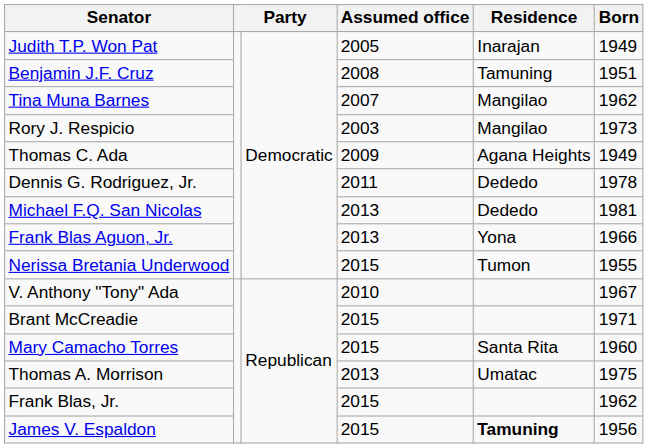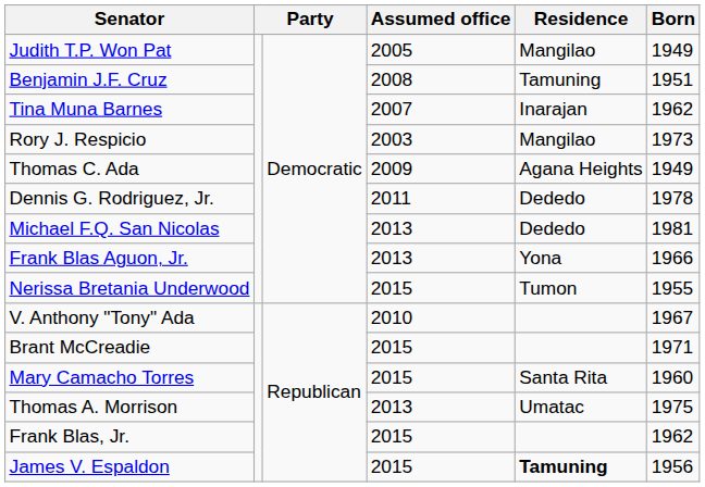 <table class="wikitable sortable" id="votingmembers">
 <tr style="vertical-align:bottom;">
 <th>Senator</th>
 <th colspan=2>Party</th>
 <th>Assumed office</th>
 <th>Residence</th>
 <th>Born</th>
 </tr>
 <tr>
 <td><a href='#'>Judith T.P. Won Pat</a></td>
 <td rowspan="9" style="background-color:"></td>
 <td rowspan="9">Democratic</td>
 <td>2005</td>
-<td>Inarajan</td>
+<td>Mangilao</td>
 <td>1949</td>
 </tr>
 <tr>
 <td><a href='#'>Benjamin J.F. Cruz</a></td>
 <td>2008</td>
 <td>Tamuning</td>
 <td>1951</td>
 </tr>
 <tr>
 <td><a href='#'>Tina Muna Barnes</a></td>
 <td>2007</td>
-<td>Mangilao</td>
+<td>Inarajan</td>
 <td>1962</td>
 </tr>
 <tr>
 <td>Rory J. Respicio</td>
 <td>2003</td>
 <td>Mangilao</td>
 <td>1973</td>
 </tr>
 <tr>
 <td>Thomas C. Ada</td>
 <td>2009</td>
 <td>Agana Heights</td>
 <td>1949</td>
 </tr>
 <tr>
 <td>Dennis G. Rodriguez, Jr.</td>
 <td>2011</td>
 <td>Dededo</td>
 <td>1978</td>
 </tr>
 <tr>
 <td><a href='#'>Michael F.Q. San Nicolas</a></td>
 <td>2013</td>
 <td>Dededo</td>
 <td>1981</td>
 </tr>
 <tr>
 <td><a href='#'>Frank Blas Aguon, Jr.</a></td>
 <td>2013</td>
 <td>Yona</td>
 <td>1966</td>
 </tr>
 <tr>
 <td><a href='#'>Nerissa Bretania Underwood</a></td>
 <td>2015</td>
 <td>Tumon</td>
 <td>1955</td>
 </tr>
 <tr>
 <td>V. Anthony "Tony" Ada</td>
 <td rowspan="6" style="background-color:"></td>
 <td rowspan="6">Republican</td>
 <td>2010</td>
 <td></td>
 <td>1967</td>
 </tr>
 <tr>
 <td>Brant McCreadie</td>
 <td>2015</td>
 <td></td>
 <td>1971</td>
 </tr>
 <tr>
 <td><a href='#'>Mary Camacho Torres</a></td>
 <td>2015</td>
 <td>Santa Rita</td>
 <td>1960</td>
 </tr>
 <tr>
 <td>Thomas A. Morrison</td>
 <td>2013</td>
 <td>Umatac</td>
 <td>1975</td>
 </tr>
 <tr>
 <td>Frank Blas, Jr.</td>
 <td>2015</td>
 <td></td>
 <td>1962</td>
 </tr>
 <tr>
 <td><a href='#'>James V. Espaldon</a></td>
 <td>2015</td>
 <td><strong>Tamuning</strong></td>
 <td>1956</td>
 </tr>
 </table>
